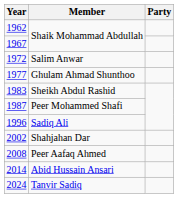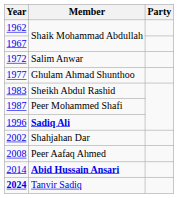 <table class="wikitable sortable">
 <tr>
 <th>Year</th>
 <th>Member</th>
 <th colspan=2>Party</th>
 </tr>
 <tr>
 <td><a href='#'>1962</a></td>
 <td rowspan=2>Shaik Mohammad Abdullah</td>
 <td></td>
 </tr>
 <tr>
 <td><a href='#'>1967</a></td>
 </tr>
 <tr>
 <td><a href='#'>1972</a></td>
 <td>Salim Anwar</td>
 <td></td>
 </tr>
 <tr>
 <td><a href='#'>1977</a></td>
 <td>Ghulam Ahmad Shunthoo</td>
 <td></td>
 </tr>
 <tr>
 <td><a href='#'>1983</a></td>
 <td>Sheikh Abdul Rashid</td>
 </tr>
 <tr>
 <td><a href='#'>1987</a></td>
 <td>Peer Mohammed Shafi</td>
 </tr>
 <tr>
 <td><a href='#'>1996</a></td>
-<td><a href='#'>Sadiq Ali</a></td>
+<td><strong><a href='#'>Sadiq Ali</a></strong></td>
 </tr>
 <tr>
 <td><a href='#'>2002</a></td>
 <td>Shahjahan Dar</td>
 <td></td>
 </tr>
 <tr>
 <td><a href='#'>2008</a></td>
 <td>Peer Aafaq Ahmed</td>
 <td></td>
 </tr>
 <tr>
 <td><a href='#'>2014</a></td>
-<td><a href='#'>Abid Hussain Ansari</a></td>
+<td><strong><a href='#'>Abid Hussain Ansari</a></strong></td>
 <td></td>
 </tr>
 <tr>
-<td><a href='#'>2024</a></td>
+<td><strong><a href='#'>2024</a></strong></td>
 <td><a href='#'>Tanvir Sadiq</a></td>
 <td></td>
 </tr>
 </table>
